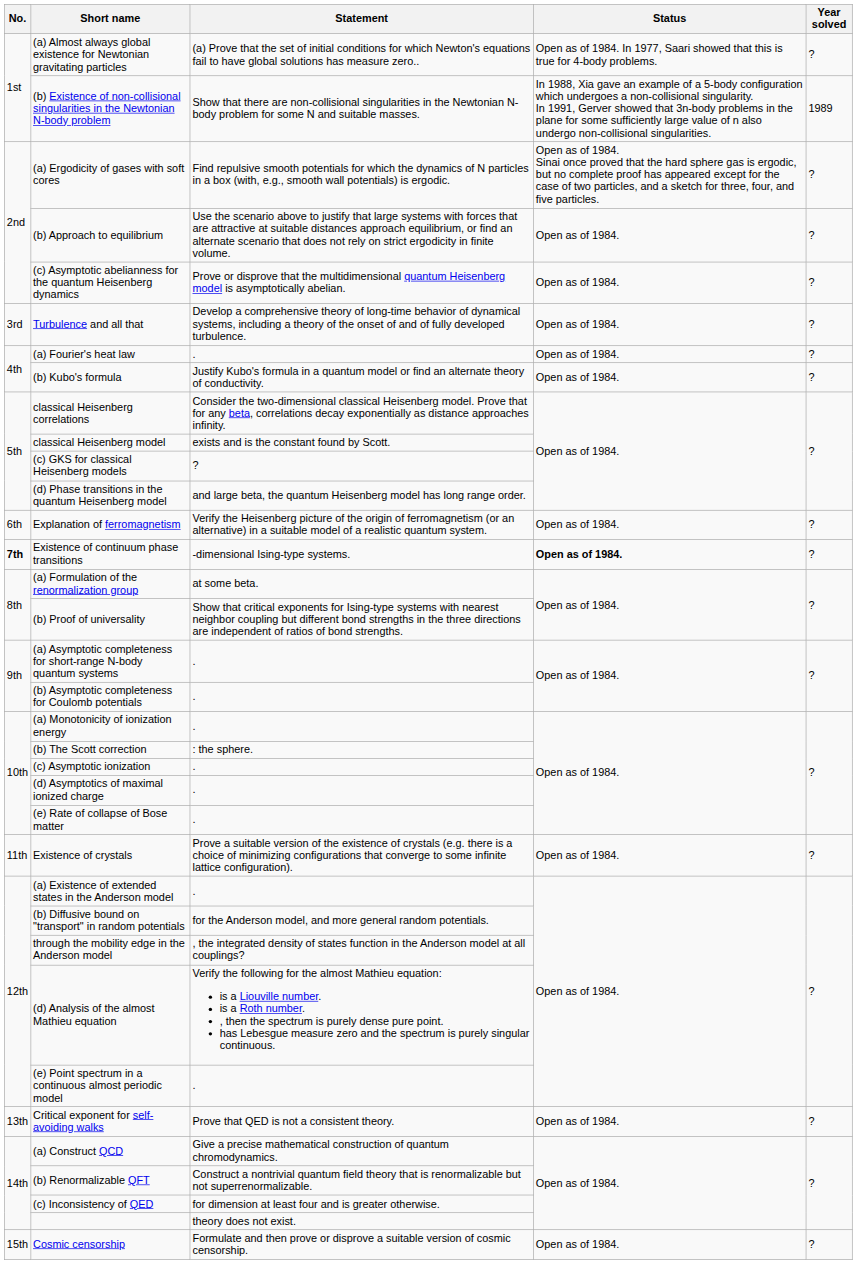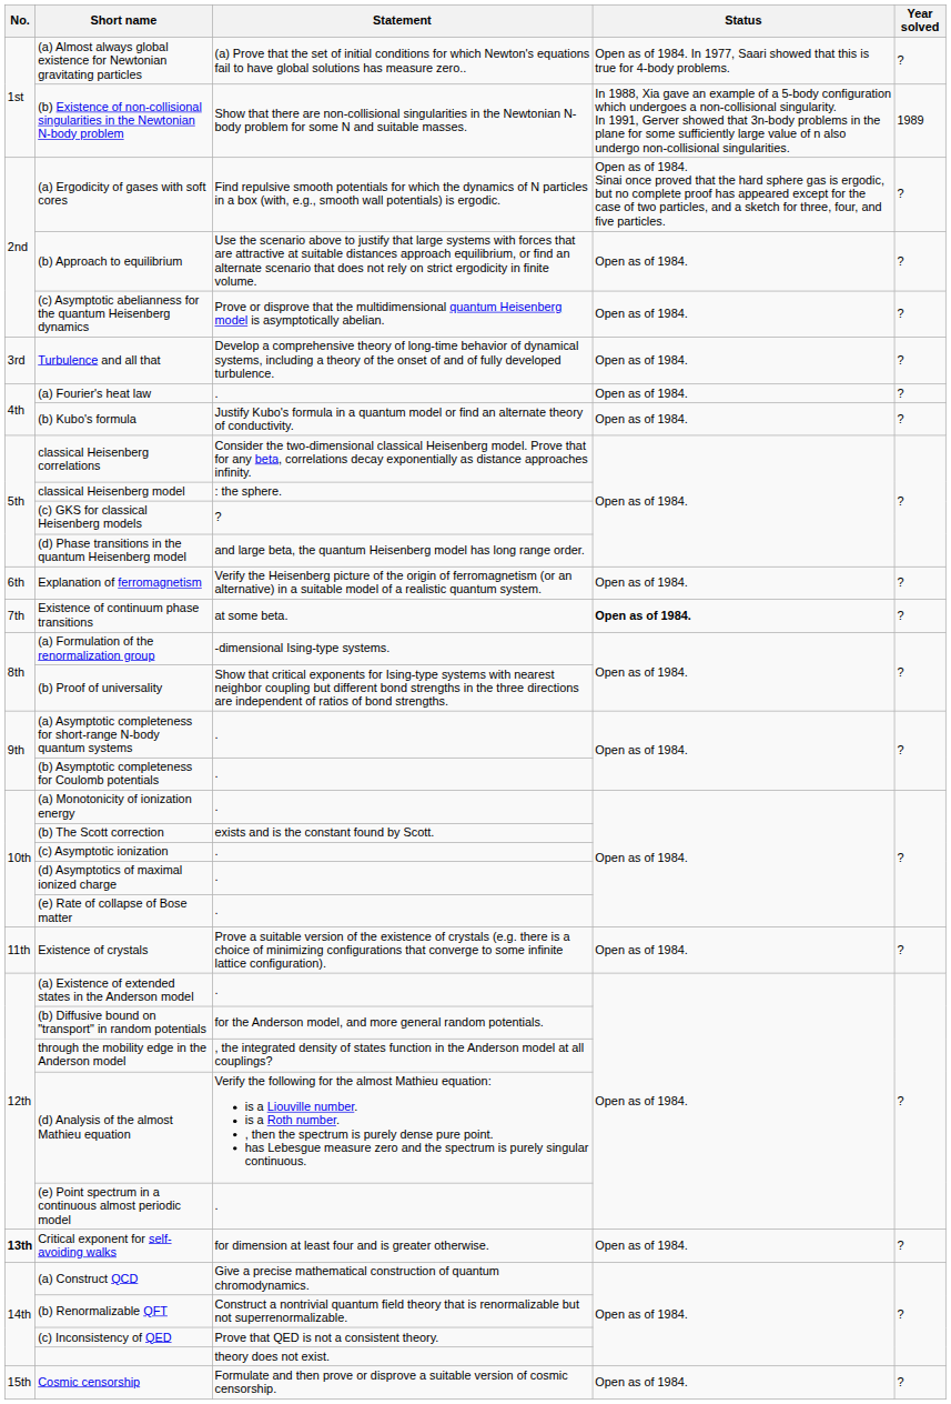 <table class="wikitable sortable">
 <tr>
 <th>No.</th>
 <th>Short name</th>
 <th>Statement</th>
 <th>Status</th>
 <th>Year solved</th>
 </tr>
 <tr>
 <td rowspan="2">1st</td>
 <td>(a) Almost always global existence for Newtonian gravitating particles</td>
 <td>(a) Prove that the set of initial conditions for which Newton's equations fail to have global solutions has measure zero..</td>
 <td>Open as of 1984. In 1977, Saari showed that this is true for 4-body problems.</td>
 <td>?</td>
 </tr>
 <tr>
 <td>(b) <a href='#'>Existence of non-collisional singularities in the Newtonian N-body problem</a></td>
 <td>Show that there are non-collisional singularities in the Newtonian N-body problem for some N and suitable masses.</td>
 <td>In 1988, Xia gave an example of a 5-body configuration which undergoes a non-collisional singularity.<br>In 1991, Gerver showed that 3n-body problems in the plane for some sufficiently large value of n also undergo non-collisional singularities.</td>
 <td>1989</td>
 </tr>
 <tr>
 <td rowspan="3">2nd</td>
 <td>(a) Ergodicity of gases with soft cores</td>
 <td>Find repulsive smooth potentials for which the dynamics of N particles in a box (with, e.g., smooth wall potentials) is ergodic.</td>
 <td>Open as of 1984.<br>Sinai once proved that the hard sphere gas is ergodic, but no complete proof has appeared except for the case of two particles, and a sketch for three, four, and five particles.</td>
 <td>?</td>
 </tr>
 <tr>
 <td>(b) Approach to equilibrium</td>
 <td>Use the scenario above to justify that large systems with forces that are attractive at suitable distances approach equilibrium, or find an alternate scenario that does not rely on strict ergodicity in finite volume.</td>
 <td>Open as of 1984.</td>
 <td>?</td>
 </tr>
 <tr>
 <td>(c) Asymptotic abelianness for the quantum Heisenberg dynamics</td>
 <td>Prove or disprove that the multidimensional <a href='#'>quantum Heisenberg model</a> is asymptotically abelian.</td>
 <td>Open as of 1984.</td>
 <td>?</td>
 </tr>
 <tr>
 <td>3rd</td>
 <td><a href='#'>Turbulence</a> and all that</td>
 <td>Develop a comprehensive theory of long-time behavior of dynamical systems, including a theory of the onset of and of fully developed turbulence.</td>
 <td>Open as of 1984.</td>
 <td>?</td>
 </tr>
 <tr>
 <td rowspan="2">4th</td>
 <td>(a) Fourier's heat law</td>
 <td>.</td>
 <td>Open as of 1984.</td>
 <td>?</td>
 </tr>
 <tr>
 <td>(b) Kubo's formula</td>
 <td>Justify Kubo's formula in a quantum model or find an alternate theory of conductivity.</td>
 <td>Open as of 1984.</td>
 <td>?</td>
 </tr>
 <tr>
 <td rowspan="4">5th</td>
 <td> classical Heisenberg correlations</td>
 <td>Consider the two-dimensional classical Heisenberg model. Prove that for any <a href='#'>beta</a>, correlations decay exponentially as distance approaches infinity.</td>
 <td rowspan="4">Open as of 1984.</td>
 <td rowspan="4">?</td>
 </tr>
 <tr>
 <td> classical Heisenberg model</td>
-<td> exists and is the constant found by Scott.</td>
+<td>: the sphere.</td>
 </tr>
 <tr>
 <td>(c) GKS for classical Heisenberg models</td>
 <td> ?</td>
 </tr>
 <tr>
 <td>(d) Phase transitions in the quantum Heisenberg model</td>
 <td> and large beta, the quantum Heisenberg model has long range order.</td>
 </tr>
 <tr>
 <td>6th</td>
 <td>Explanation of <a href='#'>ferromagnetism</a></td>
 <td>Verify the Heisenberg picture of the origin of ferromagnetism (or an alternative) in a suitable model of a realistic quantum system.</td>
 <td>Open as of 1984.</td>
 <td>?</td>
 </tr>
 <tr>
-<td><strong>7th</strong></td>
+<td>7th</td>
 <td>Existence of continuum phase transitions</td>
-<td>-dimensional Ising-type systems.</td>
+<td> at some beta.</td>
 <td><strong>Open as of 1984.</strong></td>
 <td>?</td>
 </tr>
 <tr>
 <td rowspan="2">8th</td>
 <td>(a) Formulation of the <a href='#'>renormalization group</a></td>
-<td> at some beta.</td>
+<td>-dimensional Ising-type systems.</td>
 <td rowspan="2">Open as of 1984.</td>
 <td rowspan="2">?</td>
 </tr>
 <tr>
 <td>(b) Proof of universality</td>
 <td>Show that critical exponents for Ising-type systems with nearest neighbor coupling but different bond strengths in the three directions are independent of ratios of bond strengths.</td>
 </tr>
 <tr>
 <td rowspan="2">9th</td>
 <td>(a) Asymptotic completeness for short-range N-body quantum systems</td>
 <td>.</td>
 <td rowspan="2">Open as of 1984.</td>
 <td rowspan="2">?</td>
 </tr>
 <tr>
 <td>(b) Asymptotic completeness for Coulomb potentials</td>
 <td>.</td>
 </tr>
 <tr>
 <td rowspan="5">10th</td>
 <td>(a) Monotonicity of ionization energy</td>
 <td>.</td>
 <td rowspan="5">Open as of 1984.</td>
 <td rowspan="5">?</td>
 </tr>
 <tr>
 <td>(b) The Scott correction</td>
-<td>: the sphere.</td>
+<td> exists and is the constant found by Scott.</td>
 </tr>
 <tr>
 <td>(c) Asymptotic ionization</td>
 <td>.</td>
 </tr>
 <tr>
 <td>(d) Asymptotics of maximal ionized charge</td>
 <td>.</td>
 </tr>
 <tr>
 <td>(e) Rate of collapse of Bose matter</td>
 <td>.</td>
 </tr>
 <tr>
 <td>11th</td>
 <td>Existence of crystals</td>
 <td>Prove a suitable version of the existence of crystals (e.g. there is a choice of minimizing configurations that converge to some infinite lattice configuration).</td>
 <td>Open as of 1984.</td>
 <td>?</td>
 </tr>
 <tr>
 <td rowspan="5">12th</td>
 <td>(a) Existence of extended states in the Anderson model</td>
 <td>.</td>
 <td rowspan="5">Open as of 1984.</td>
 <td rowspan="5">?</td>
 </tr>
 <tr>
 <td>(b) Diffusive bound on "transport" in random potentials</td>
 <td> for the Anderson model, and more general random potentials.</td>
 </tr>
 <tr>
 <td> through the mobility edge in the Anderson model</td>
 <td>, the integrated density of states function in the Anderson model at all couplings?</td>
 </tr>
 <tr>
 <td>(d) Analysis of the almost Mathieu equation</td>
 <td>Verify the following for the almost Mathieu equation:<br><ul><li> is a <a href='#'>Liouville number</a>.</li><li> is a <a href='#'>Roth number</a>.</li><li>, then the spectrum is purely dense pure point.</li><li>has Lebesgue measure zero and the spectrum is purely singular continuous.</li></ul></td>
 </tr>
 <tr>
 <td>(e) Point spectrum in a continuous almost periodic model</td>
 <td>.</td>
 </tr>
 <tr>
-<td>13th</td>
+<td><strong>13th</strong></td>
 <td>Critical exponent for <a href='#'>self-avoiding walks</a></td>
-<td>Prove that QED is not a consistent theory.</td>
+<td> for dimension at least four and is greater otherwise.</td>
 <td>Open as of 1984.</td>
 <td>?</td>
 </tr>
 <tr>
 <td rowspan="4">14th</td>
 <td>(a) Construct <a href='#'>QCD</a></td>
 <td>Give a precise mathematical construction of quantum chromodynamics.</td>
 <td rowspan="4">Open as of 1984.</td>
 <td rowspan="4">?</td>
 </tr>
 <tr>
 <td>(b) Renormalizable <a href='#'>QFT</a></td>
 <td>Construct a nontrivial quantum field theory that is renormalizable but not superrenormalizable.</td>
 </tr>
 <tr>
 <td>(c) Inconsistency of <a href='#'>QED</a></td>
-<td> for dimension at least four and is greater otherwise.</td>
+<td>Prove that QED is not a consistent theory.</td>
 </tr>
 <tr>
 <td></td>
 <td> theory does not exist.</td>
 </tr>
 <tr>
 <td>15th</td>
 <td><a href='#'>Cosmic censorship</a></td>
 <td>Formulate and then prove or disprove a suitable version of cosmic censorship.</td>
 <td>Open as of 1984.</td>
 <td>?</td>
 </tr>
 </table>
